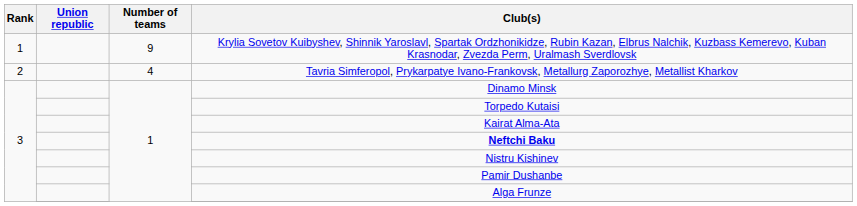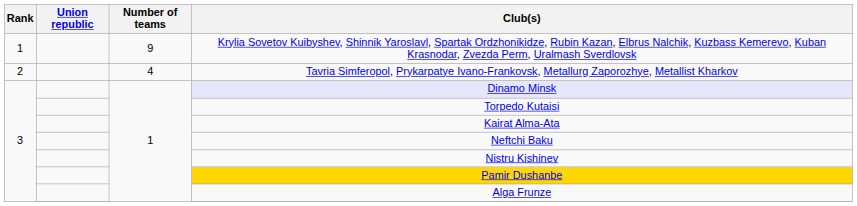 <table class="wikitable">
 <tr>
 <th>Rank</th>
 <th><a href='#'>Union republic</a></th>
 <th>Number of teams</th>
 <th>Club(s)</th>
 </tr>
 <tr>
 <td align="center">1</td>
 <td></td>
 <td align="center">9</td>
 <td align="center"><a href='#'>Krylia Sovetov Kuibyshev</a>, <a href='#'>Shinnik Yaroslavl</a>, <a href='#'>Spartak Ordzhonikidze</a>, <a href='#'>Rubin Kazan</a>, <a href='#'>Elbrus Nalchik</a>, <a href='#'>Kuzbass Kemerevo</a>, <a href='#'>Kuban Krasnodar</a>, <a href='#'>Zvezda Perm</a>, <a href='#'>Uralmash Sverdlovsk</a></td>
 </tr>
 <tr>
 <td align="center">2</td>
 <td></td>
 <td align="center">4</td>
 <td align="center"><a href='#'>Tavria Simferopol</a>, <a href='#'>Prykarpatye Ivano-Frankovsk</a>, <a href='#'>Metallurg Zaporozhye</a>, <a href='#'>Metallist Kharkov</a></td>
 </tr>
 <tr>
 <td align="center" rowspan=10>3</td>
 <td></td>
 <td align="center" rowspan=10>1</td>
-<td align="center"><a href='#'>Dinamo Minsk</a></td>
+<td align="center" style="background: lavender;"><a href='#'>Dinamo Minsk</a></td>
 </tr>
 <tr>
 <td></td>
 <td align="center"><a href='#'>Torpedo Kutaisi</a></td>
 </tr>
 <tr>
 <td></td>
 <td align="center"><a href='#'>Kairat Alma-Ata</a></td>
 </tr>
 <tr>
 <td></td>
-<td align="center"><strong><a href='#'>Neftchi Baku</a></strong></td>
+<td align="center"><a href='#'>Neftchi Baku</a></td>
 </tr>
 <tr>
 <td></td>
 <td align="center"><a href='#'>Nistru Kishinev</a></td>
 </tr>
 <tr>
 <td></td>
-<td align="center"><a href='#'>Pamir Dushanbe</a></td>
+<td align="center" style="background: gold;"><a href='#'>Pamir Dushanbe</a></td>
 </tr>
 <tr>
 <td></td>
 <td align="center"><a href='#'>Alga Frunze</a></td>
 </tr>
 <tr>
 </tr>
 </table>
